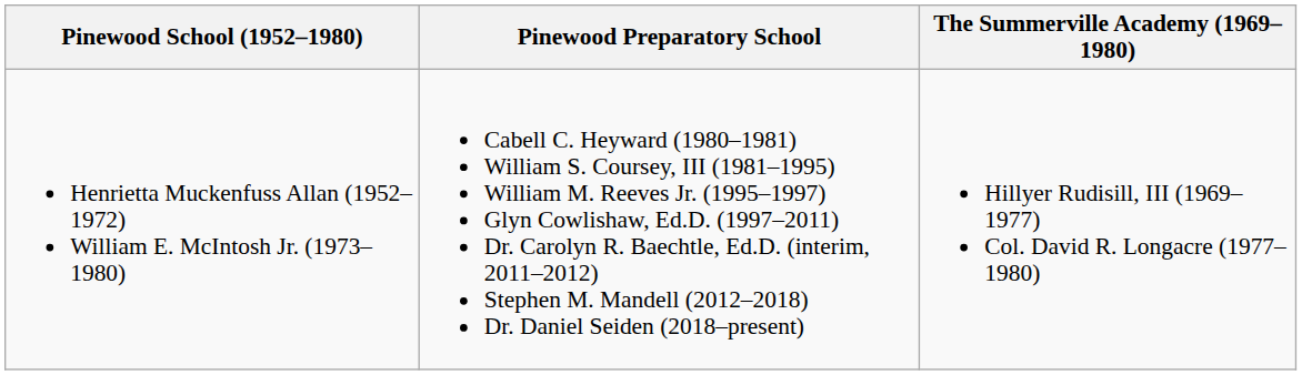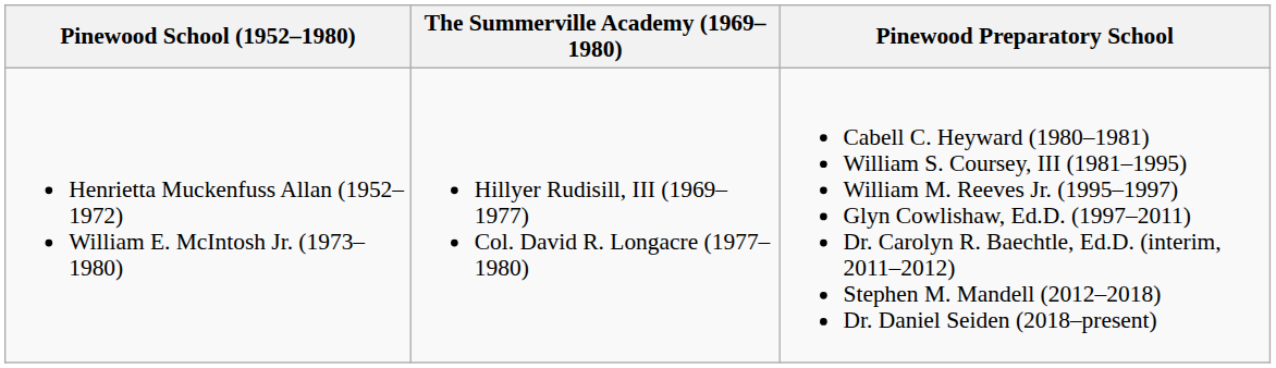 <table class="wikitable">
 <tr>
 <th><strong>Pinewood School</strong> (1952–1980)</th>
+<th><strong>The Summerville Academy</strong> (1969–1980)</th>
 <th><strong>Pinewood Preparatory School</strong></th>
-<th><strong>The Summerville Academy</strong> (1969–1980)</th>
 </tr>
 <tr>
 <td><br><ul><li>Henrietta Muckenfuss Allan (1952–1972)</li><li>William E. McIntosh Jr. (1973–1980)</li></ul></td>
+<td><br><ul><li>Hillyer Rudisill, III (1969–1977)</li><li>Col. David R. Longacre (1977–1980)</li></ul></td>
 <td><br><ul><li>Cabell C. Heyward (1980–1981)</li><li>William S. Coursey, III (1981–1995)</li><li>William M. Reeves Jr. (1995–1997)</li><li>Glyn Cowlishaw, Ed.D. (1997–2011)</li><li>Dr. Carolyn R. Baechtle, Ed.D. (interim, 2011–2012)</li><li>Stephen M. Mandell (2012–2018)</li><li>Dr. Daniel Seiden (2018–present)</li></ul></td>
-<td><br><ul><li>Hillyer Rudisill, III (1969–1977)</li><li>Col. David R. Longacre (1977–1980)</li></ul></td>
 </tr>
 </table>
